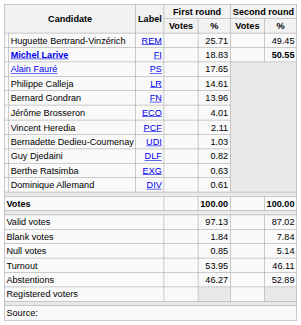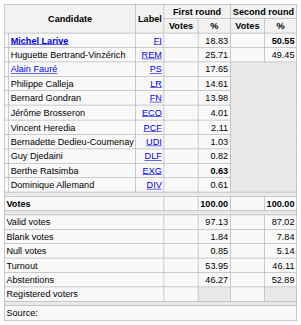 <table class="wikitable" style="text-align:right;font-size:95%;">
 <tr>
 <th rowspan="2" colspan="2">Candidate</th>
 <th rowspan="2">Label</th>
 <th colspan="2">First round</th>
 <th colspan="2">Second round</th>
 </tr>
 <tr>
 <th style="width:50px;">Votes</th>
 <th style="width:45px;">%</th>
 <th style="width:50px;">Votes</th>
 <th style="width:45px;">%</th>
 </tr>
 <tr>
 <td style="color:inherit;background:"></td>
+<td style="text-align:left;"><strong><a href='#'>Michel Larive</a></strong></td>
+<td><a href='#'>FI</a></td>
+<td></td>
+<td>18.83</td>
+<td><strong></strong></td>
+<td><strong>50.55</strong></td>
+</tr>
+<tr>
+<td style="color:inherit;background:"></td>
 <td style="text-align:left;">Huguette Bertrand-Vinzérich</td>
 <td><a href='#'>REM</a></td>
 <td></td>
 <td>25.71</td>
 <td></td>
 <td>49.45</td>
-</tr>
-<tr>
-<td style="color:inherit;background:"></td>
-<td style="text-align:left;"><strong><a href='#'>Michel Larive</a></strong></td>
-<td><a href='#'>FI</a></td>
-<td></td>
-<td>18.83</td>
-<td><strong></strong></td>
-<td><strong>50.55</strong></td>
 </tr>
 <tr>
 <td style="color:inherit;background:"></td>
 <td style="text-align:left;"><a href='#'>Alain Fauré</a></td>
 <td><a href='#'>PS</a></td>
 <td></td>
 <td>17.65</td>
 <td colspan="2" rowspan="9" style="background:#E9E9E9;"></td>
 </tr>
 <tr>
 <td style="color:inherit;background:"></td>
 <td style="text-align:left;">Philippe Calleja</td>
 <td><a href='#'>LR</a></td>
 <td></td>
 <td>14.61</td>
 </tr>
 <tr>
 <td style="color:inherit;background:"></td>
 <td style="text-align:left;">Bernard Gondran</td>
 <td><a href='#'>FN</a></td>
 <td></td>
-<td>13.96</td>
+<td>13.98</td>
 </tr>
 <tr>
 <td style="color:inherit;background:"></td>
 <td style="text-align:left;">Jérôme Brosseron</td>
 <td><a href='#'>ECO</a></td>
 <td></td>
 <td>4.01</td>
 </tr>
 <tr>
 <td style="color:inherit;background:"></td>
 <td style="text-align:left;">Vincent Heredia</td>
 <td><a href='#'>PCF</a></td>
 <td></td>
 <td>2.11</td>
 </tr>
 <tr>
 <td style="color:inherit;background:"></td>
 <td style="text-align:left;">Bernadette Dedieu-Coumenay</td>
 <td><a href='#'>UDI</a></td>
 <td></td>
 <td>1.03</td>
 </tr>
 <tr>
 <td style="color:inherit;background:"></td>
 <td style="text-align:left;">Guy Djedaini</td>
 <td><a href='#'>DLF</a></td>
 <td></td>
 <td>0.82</td>
 </tr>
 <tr>
 <td style="color:inherit;background:"></td>
 <td style="text-align:left;">Berthe Ratsimba</td>
 <td><a href='#'>EXG</a></td>
 <td></td>
-<td>0.63</td>
+<td><strong>0.63</strong></td>
 </tr>
 <tr>
 <td style="color:inherit;background:"></td>
 <td style="text-align:left;">Dominique Allemand</td>
 <td><a href='#'>DIV</a></td>
 <td></td>
 <td>0.61</td>
 </tr>
 <tr>
 <td colspan="7" style="background:#E9E9E9;"></td>
 </tr>
 <tr style="font-weight:bold;">
 <td colspan="3" style="text-align:left;">Votes</td>
 <td></td>
 <td>100.00</td>
 <td></td>
 <td>100.00</td>
 </tr>
 <tr>
 <td colspan="7" style="background:#E9E9E9;"></td>
 </tr>
 <tr>
 <td colspan="3" style="text-align:left;">Valid votes</td>
 <td></td>
 <td>97.13</td>
 <td></td>
 <td>87.02</td>
 </tr>
 <tr>
 <td colspan="3" style="text-align:left;">Blank votes</td>
 <td></td>
 <td>1.84</td>
 <td></td>
 <td>7.84</td>
 </tr>
 <tr>
 <td colspan="3" style="text-align:left;">Null votes</td>
 <td></td>
 <td>0.85</td>
 <td></td>
 <td>5.14</td>
 </tr>
 <tr>
 <td colspan="3" style="text-align:left;">Turnout</td>
 <td></td>
 <td>53.95</td>
 <td></td>
 <td>46.11</td>
 </tr>
 <tr>
 <td colspan="3" style="text-align:left;">Abstentions</td>
 <td></td>
 <td>46.27</td>
 <td></td>
 <td>52.89</td>
 </tr>
 <tr>
 <td colspan="3" style="text-align:left;">Registered voters</td>
 <td></td>
 <td style="background:#E9E9E9;"></td>
 <td></td>
 <td style="background:#E9E9E9;"></td>
 </tr>
 <tr>
 <td colspan="7" style="background:#E9E9E9;"></td>
 </tr>
 <tr>
 <td colspan="7" style="text-align:left;">Source: </td>
 </tr>
 </table>
